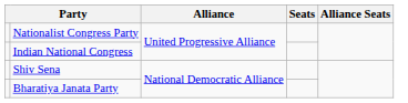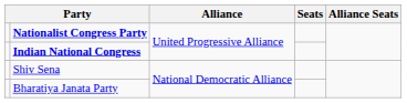 <table class="wikitable">
 <tr>
 <th colspan="2">Party</th>
 <th>Alliance</th>
 <th>Seats</th>
 <th>Alliance Seats</th>
 </tr>
 <tr>
 <td style="background-color: "></td>
-<td><a href='#'>Nationalist Congress Party</a></td>
+<td><strong><a href='#'>Nationalist Congress Party</a></strong></td>
 <td rowspan="2"><a href='#'>United Progressive Alliance</a></td>
 <td></td>
 <td rowspan="2"></td>
 </tr>
 <tr>
 <td style="background-color: "></td>
-<td><a href='#'>Indian National Congress</a></td>
+<td><strong><a href='#'>Indian National Congress</a></strong></td>
 <td></td>
 </tr>
 <tr>
 <td style="background-color: "></td>
 <td><a href='#'>Shiv Sena</a></td>
 <td rowspan="2"><a href='#'>National Democratic Alliance</a></td>
 <td></td>
 <td rowspan="2"></td>
 </tr>
 <tr>
 <td style="background-color:"></td>
 <td><a href='#'>Bharatiya Janata Party</a></td>
 <td></td>
 </tr>
 </table>
